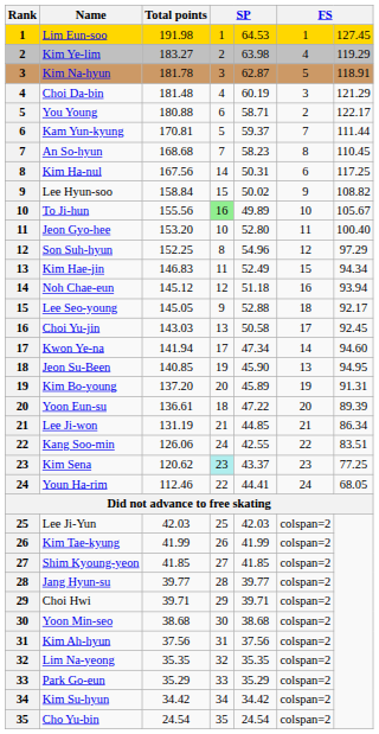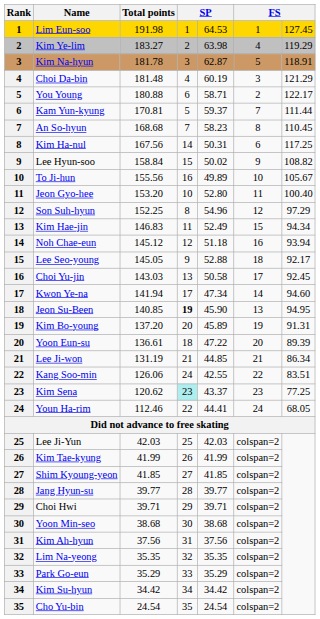 <table class="wikitable sortable">
 <tr>
 <th>Rank</th>
 <th>Name</th>
 <th>Total points</th>
 <th colspan="2" width="80px"><a href='#'>SP</a></th>
 <th colspan="2" width="80px"><a href='#'>FS</a></th>
 </tr>
 <tr bgcolor="gold">
 <td align="center"><strong>1</strong></td>
 <td><a href='#'>Lim Eun-soo</a></td>
 <td align="center">191.98</td>
 <td align="center">1</td>
 <td align="center">64.53</td>
 <td align="center">1</td>
 <td align="center">127.45</td>
 </tr>
 <tr bgcolor="silver">
 <td align="center"><strong>2</strong></td>
 <td><a href='#'>Kim Ye-lim</a></td>
 <td align="center">183.27</td>
 <td align="center">2</td>
 <td align="center">63.98</td>
 <td align="center">4</td>
 <td align="center">119.29</td>
 </tr>
 <tr bgcolor="cc9966">
 <td align="center"><strong>3</strong></td>
 <td><a href='#'>Kim Na-hyun</a></td>
 <td align="center">181.78</td>
 <td align="center">3</td>
 <td align="center">62.87</td>
 <td align="center">5</td>
 <td align="center">118.91</td>
 </tr>
 <tr>
 <th>4</th>
 <td><a href='#'>Choi Da-bin</a></td>
 <td align="center">181.48</td>
 <td align="center">4</td>
 <td align="center">60.19</td>
 <td align="center">3</td>
 <td align="center">121.29</td>
 </tr>
 <tr>
 <th>5</th>
 <td><a href='#'>You Young</a></td>
 <td align="center">180.88</td>
 <td align="center">6</td>
 <td align="center">58.71</td>
 <td align="center">2</td>
 <td align="center">122.17</td>
 </tr>
 <tr>
 <th>6</th>
 <td><a href='#'>Kam Yun-kyung</a></td>
 <td align="center">170.81</td>
 <td align="center">5</td>
 <td align="center">59.37</td>
 <td align="center">7</td>
 <td align="center">111.44</td>
 </tr>
 <tr>
 <th>7</th>
 <td><a href='#'>An So-hyun</a></td>
 <td align="center">168.68</td>
 <td align="center">7</td>
 <td align="center">58.23</td>
 <td align="center">8</td>
 <td align="center">110.45</td>
 </tr>
 <tr>
 <th>8</th>
 <td><a href='#'>Kim Ha-nul</a></td>
 <td align="center">167.56</td>
 <td align="center">14</td>
 <td align="center">50.31</td>
 <td align="center">6</td>
 <td align="center">117.25</td>
 </tr>
 <tr>
 <th>9</th>
 <td>Lee Hyun-soo</td>
 <td align="center">158.84</td>
 <td align="center">15</td>
 <td align="center">50.02</td>
 <td align="center">9</td>
 <td align="center">108.82</td>
 </tr>
 <tr>
 <th>10</th>
 <td><a href='#'>To Ji-hun</a></td>
 <td align="center">155.56</td>
-<td align="center" style="background: lightgreen;">16</td>
+<td align="center">16</td>
 <td align="center">49.89</td>
 <td align="center">10</td>
 <td align="center">105.67</td>
 </tr>
 <tr>
 <th>11</th>
 <td><a href='#'>Jeon Gyo-hee</a></td>
 <td align="center">153.20</td>
 <td align="center">10</td>
 <td align="center">52.80</td>
 <td align="center">11</td>
 <td align="center">100.40</td>
 </tr>
 <tr>
 <th>12</th>
 <td><a href='#'>Son Suh-hyun</a></td>
 <td align="center">152.25</td>
 <td align="center">8</td>
 <td align="center">54.96</td>
 <td align="center">12</td>
 <td align="center">97.29</td>
 </tr>
 <tr>
 <th>13</th>
 <td><a href='#'>Kim Hae-jin</a></td>
 <td align="center">146.83</td>
 <td align="center">11</td>
 <td align="center">52.49</td>
 <td align="center">15</td>
 <td align="center">94.34</td>
 </tr>
 <tr>
 <th>14</th>
 <td><a href='#'>Noh Chae-eun</a></td>
 <td align="center">145.12</td>
 <td align="center">12</td>
 <td align="center">51.18</td>
 <td align="center">16</td>
 <td align="center">93.94</td>
 </tr>
 <tr>
 <th>15</th>
 <td><a href='#'>Lee Seo-young</a></td>
 <td align="center">145.05</td>
 <td align="center">9</td>
 <td align="center">52.88</td>
 <td align="center">18</td>
 <td align="center">92.17</td>
 </tr>
 <tr>
 <th>16</th>
 <td><a href='#'>Choi Yu-jin</a></td>
 <td align="center">143.03</td>
 <td align="center">13</td>
 <td align="center">50.58</td>
 <td align="center">17</td>
 <td align="center">92.45</td>
 </tr>
 <tr>
 <th>17</th>
 <td><a href='#'>Kwon Ye-na</a></td>
 <td align="center">141.94</td>
 <td align="center">17</td>
 <td align="center">47.34</td>
 <td align="center">14</td>
 <td align="center">94.60</td>
 </tr>
 <tr>
 <th>18</th>
 <td><a href='#'>Jeon Su-Been</a></td>
 <td align="center">140.85</td>
-<td align="center">19</td>
+<td align="center"><strong>19</strong></td>
 <td align="center">45.90</td>
 <td align="center">13</td>
 <td align="center">94.95</td>
 </tr>
 <tr>
 <th>19</th>
 <td><a href='#'>Kim Bo-young</a></td>
 <td align="center">137.20</td>
 <td align="center">20</td>
 <td align="center">45.89</td>
 <td align="center">19</td>
 <td align="center">91.31</td>
 </tr>
 <tr>
 <th>20</th>
 <td><a href='#'>Yoon Eun-su</a></td>
 <td align="center">136.61</td>
 <td align="center">18</td>
 <td align="center">47.22</td>
 <td align="center">20</td>
 <td align="center">89.39</td>
 </tr>
 <tr>
 <th>21</th>
 <td><a href='#'>Lee Ji-won</a></td>
 <td align="center">131.19</td>
 <td align="center">21</td>
 <td align="center">44.85</td>
 <td align="center">21</td>
 <td align="center">86.34</td>
 </tr>
 <tr>
 <th>22</th>
 <td><a href='#'>Kang Soo-min</a></td>
 <td align="center">126.06</td>
 <td align="center">24</td>
 <td align="center">42.55</td>
 <td align="center">22</td>
 <td align="center">83.51</td>
 </tr>
 <tr>
 <th>23</th>
 <td><a href='#'>Kim Sena</a></td>
 <td align="center">120.62</td>
 <td align="center" style="background: paleturquoise;">23</td>
 <td align="center">43.37</td>
 <td align="center">23</td>
 <td align="center">77.25</td>
 </tr>
 <tr>
 <th>24</th>
 <td><a href='#'>Youn Ha-rim</a></td>
 <td align="center">112.46</td>
 <td align="center">22</td>
 <td align="center">44.41</td>
 <td align="center">24</td>
 <td align="center">68.05</td>
 </tr>
 <tr>
 <th colspan=7>Did not advance to free skating</th>
 </tr>
 <tr>
 <th>25</th>
 <td>Lee Ji-Yun</td>
 <td align="center">42.03</td>
 <td align="center">25</td>
 <td align="center">42.03</td>
 <td>colspan=2 </td>
 </tr>
 <tr>
 <th>26</th>
 <td><a href='#'>Kim Tae-kyung</a></td>
 <td align="center">41.99</td>
 <td align="center">26</td>
 <td align="center">41.99</td>
 <td>colspan=2 </td>
 </tr>
 <tr>
 <th>27</th>
 <td><a href='#'>Shim Kyoung-yeon</a></td>
 <td align="center">41.85</td>
 <td align="center">27</td>
 <td align="center">41.85</td>
 <td>colspan=2 </td>
 </tr>
 <tr>
 <th>28</th>
 <td><a href='#'>Jang Hyun-su</a></td>
 <td align="center">39.77</td>
 <td align="center">28</td>
 <td align="center">39.77</td>
 <td>colspan=2 </td>
 </tr>
 <tr>
 <th>29</th>
 <td>Choi Hwi</td>
 <td align="center">39.71</td>
 <td align="center">29</td>
 <td align="center">39.71</td>
 <td>colspan=2 </td>
 </tr>
 <tr>
 <th>30</th>
 <td><a href='#'>Yoon Min-seo</a></td>
 <td align="center">38.68</td>
 <td align="center">30</td>
 <td align="center">38.68</td>
 <td>colspan=2 </td>
 </tr>
 <tr>
 <th>31</th>
 <td><a href='#'>Kim Ah-hyun</a></td>
 <td align="center">37.56</td>
 <td align="center">31</td>
 <td align="center">37.56</td>
 <td>colspan=2 </td>
 </tr>
 <tr>
 <th>32</th>
 <td><a href='#'>Lim Na-yeong</a></td>
 <td align="center">35.35</td>
 <td align="center">32</td>
 <td align="center">35.35</td>
 <td>colspan=2 </td>
 </tr>
 <tr>
 <th>33</th>
 <td><a href='#'>Park Go-eun</a></td>
 <td align="center">35.29</td>
 <td align="center">33</td>
 <td align="center">35.29</td>
 <td>colspan=2 </td>
 </tr>
 <tr>
 <th>34</th>
 <td><a href='#'>Kim Su-hyun</a></td>
 <td align="center">34.42</td>
 <td align="center">34</td>
 <td align="center">34.42</td>
 <td>colspan=2 </td>
 </tr>
 <tr>
 <th>35</th>
 <td><a href='#'>Cho Yu-bin</a></td>
 <td align="center">24.54</td>
 <td align="center">35</td>
 <td align="center">24.54</td>
 <td>colspan=2 </td>
 </tr>
 </table>
